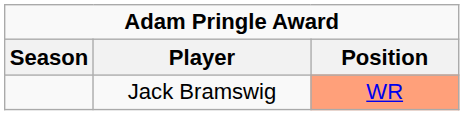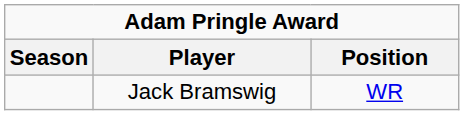 <table class="wikitable sortable" style="text-align:center">
 <tr>
 <td colspan="4"><strong>Adam Pringle Award</strong></td>
 </tr>
 <tr>
 <th style="width:50px; ">Season</th>
 <th style="width:150px; ">Player</th>
 <th style="width:100px; ">Position</th>
 </tr>
 <tr>
 <td></td>
 <td>Jack Bramswig</td>
-<td style="background: lightsalmon;"><a href='#'>WR</a></td>
+<td><a href='#'>WR</a></td>
 </tr>
 </table>
